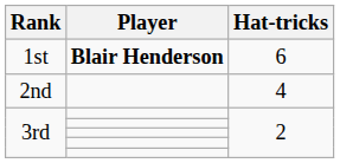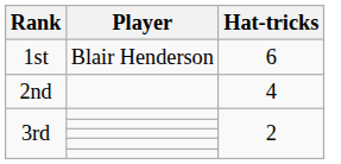 <table class="wikitable">
 <tr>
 <th>Rank</th>
 <th>Player</th>
 <th>Hat-tricks</th>
 </tr>
 <tr>
 <td style="text-align:center">1st</td>
-<td><strong> Blair Henderson</strong></td>
+<td> Blair Henderson</td>
 <td style="text-align:center">6</td>
 </tr>
 <tr>
 <td style="text-align:center">2nd</td>
 <td> </td>
 <td style="text-align:center">4</td>
 </tr>
 <tr>
 <td rowspan="5" style="text-align:center">3rd</td>
 <td> </td>
 <td rowspan="5" style="text-align:center">2</td>
 </tr>
 <tr>
 <td> </td>
 </tr>
 <tr>
 <td> </td>
 </tr>
 <tr>
 <td> </td>
 </tr>
 <tr>
 <td> </td>
 </tr>
 </table>
